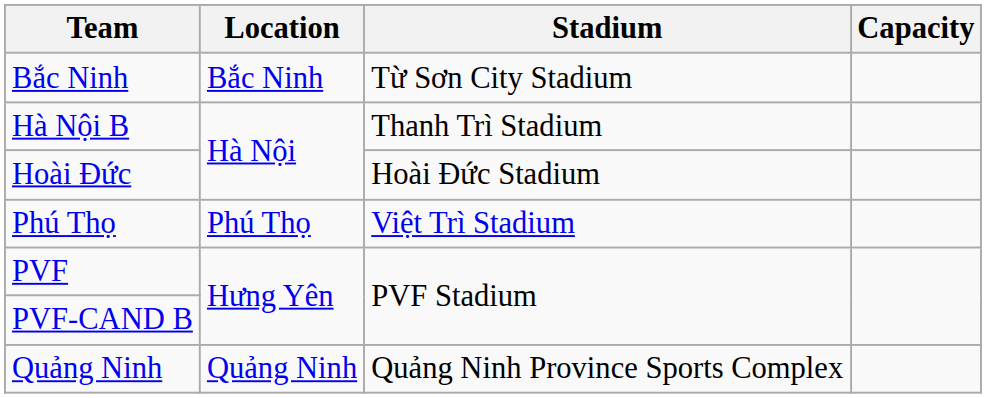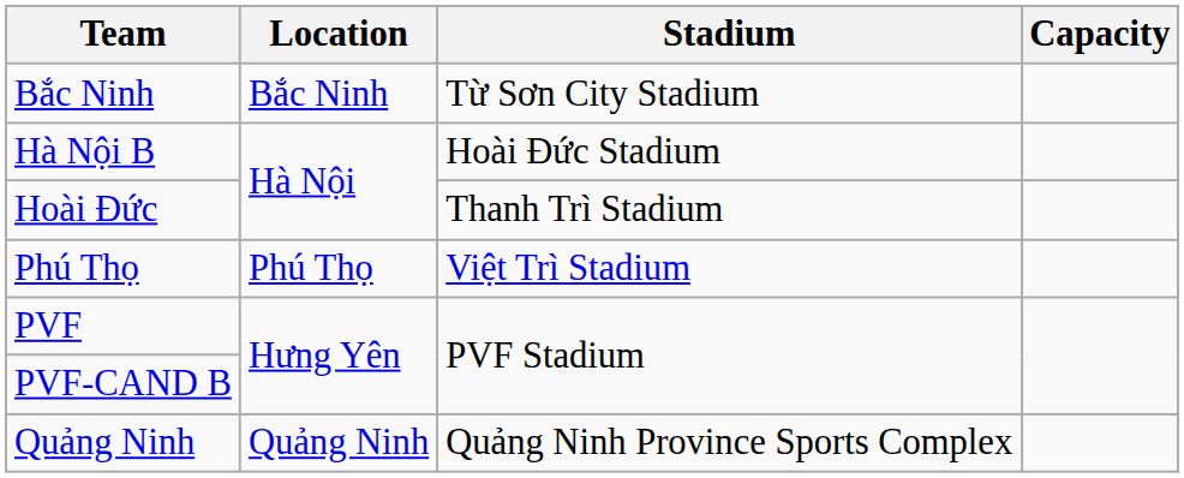 <table class="wikitable sortable">
 <tr>
 <th>Team</th>
 <th>Location</th>
 <th>Stadium</th>
 <th>Capacity</th>
 </tr>
 <tr>
 <td><a href='#'>Bắc Ninh</a></td>
 <td><a href='#'>Bắc Ninh</a></td>
 <td>Từ Sơn City Stadium</td>
 <td></td>
 </tr>
 <tr>
 <td><a href='#'>Hà Nội B</a></td>
 <td rowspan="2"><a href='#'>Hà Nội</a></td>
-<td>Thanh Trì Stadium</td>
+<td>Hoài Đức Stadium</td>
 <td></td>
 </tr>
 <tr>
 <td><a href='#'>Hoài Đức</a></td>
-<td>Hoài Đức Stadium</td>
+<td>Thanh Trì Stadium</td>
 <td></td>
 </tr>
 <tr>
 <td><a href='#'>Phú Thọ</a></td>
 <td><a href='#'>Phú Thọ</a></td>
 <td><a href='#'>Việt Trì Stadium</a></td>
 <td></td>
 </tr>
 <tr>
 <td><a href='#'>PVF</a></td>
 <td rowspan="2"><a href='#'>Hưng Yên</a></td>
 <td rowspan="2">PVF Stadium</td>
 <td rowspan="2"></td>
 </tr>
 <tr>
 <td><a href='#'>PVF-CAND B</a></td>
 </tr>
 <tr>
 <td><a href='#'>Quảng Ninh</a></td>
 <td><a href='#'>Quảng Ninh</a></td>
 <td>Quảng Ninh Province Sports Complex</td>
 <td></td>
 </tr>
 </table>
